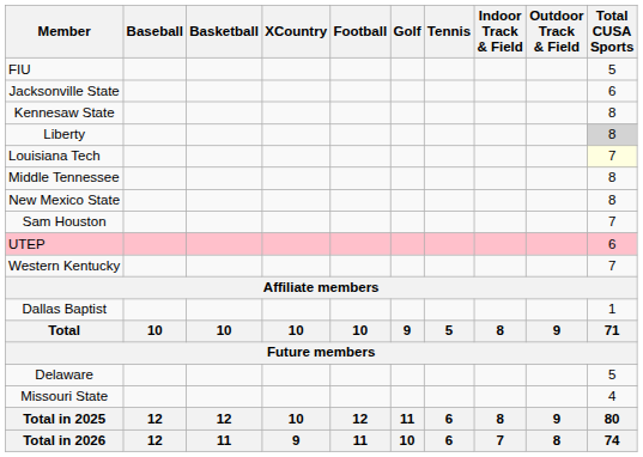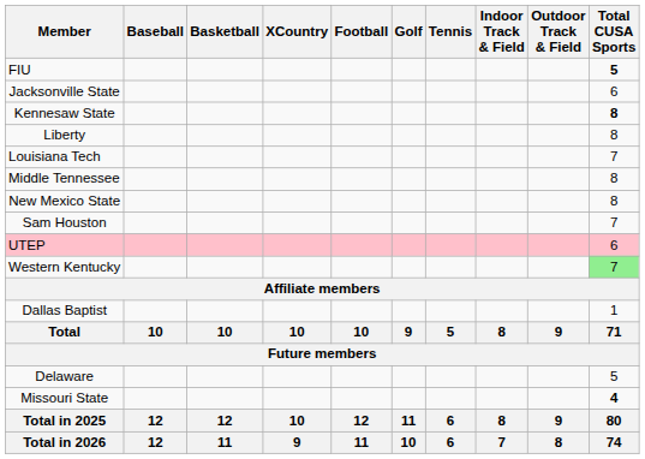 <table class="wikitable" style="text-align: center">
 <tr>
 <th>Member</th>
 <th>Baseball</th>
 <th>Basketball</th>
 <th>XCountry</th>
 <th>Football</th>
 <th>Golf</th>
 <th>Tennis</th>
 <th>Indoor<br>Track<br>& Field</th>
 <th>Outdoor<br>Track<br>& Field</th>
 <th>Total<br>CUSA<br>Sports</th>
 </tr>
 <tr>
 <td align=left>FIU</td>
 <td></td>
 <td></td>
 <td></td>
 <td></td>
 <td></td>
 <td></td>
 <td></td>
 <td></td>
-<td>5</td>
+<td><strong>5</strong></td>
 </tr>
 <tr>
 <td>Jacksonville State</td>
 <td></td>
 <td></td>
 <td></td>
 <td></td>
 <td></td>
 <td></td>
 <td></td>
 <td></td>
 <td>6</td>
 </tr>
 <tr>
 <td>Kennesaw State</td>
 <td></td>
 <td></td>
 <td></td>
 <td></td>
 <td></td>
 <td></td>
 <td></td>
 <td></td>
-<td>8</td>
+<td><strong>8</strong></td>
 </tr>
 <tr>
 <td>Liberty</td>
 <td></td>
 <td></td>
 <td></td>
 <td></td>
 <td></td>
 <td></td>
 <td></td>
 <td></td>
-<td style="background: lightgrey;">8</td>
+<td>8</td>
 </tr>
 <tr>
 <td align=left>Louisiana Tech</td>
 <td></td>
 <td></td>
 <td></td>
 <td></td>
 <td></td>
 <td></td>
 <td></td>
 <td></td>
-<td style="background: lightyellow;">7</td>
+<td>7</td>
 </tr>
 <tr>
 <td align=left>Middle Tennessee</td>
 <td></td>
 <td></td>
 <td></td>
 <td></td>
 <td></td>
 <td></td>
 <td></td>
 <td></td>
 <td>8</td>
 </tr>
 <tr>
 <td>New Mexico State</td>
 <td></td>
 <td></td>
 <td></td>
 <td></td>
 <td></td>
 <td></td>
 <td></td>
 <td></td>
 <td>8</td>
 </tr>
 <tr>
 <td>Sam Houston</td>
 <td></td>
 <td></td>
 <td></td>
 <td></td>
 <td></td>
 <td></td>
 <td></td>
 <td></td>
 <td>7</td>
 </tr>
 <tr bgcolor=pink>
 <td align=left>UTEP</td>
 <td></td>
 <td></td>
 <td></td>
 <td></td>
 <td></td>
 <td></td>
 <td></td>
 <td></td>
 <td>6</td>
 </tr>
 <tr>
 <td align=left>Western Kentucky</td>
 <td></td>
 <td></td>
 <td></td>
 <td></td>
 <td></td>
 <td></td>
 <td></td>
 <td></td>
-<td>7</td>
+<td style="background: lightgreen;">7</td>
 </tr>
 <tr>
 <th colspan=11>Affiliate members</th>
 </tr>
 <tr>
 <td>Dallas Baptist</td>
 <td></td>
 <td></td>
 <td></td>
 <td></td>
 <td></td>
 <td></td>
 <td></td>
 <td></td>
 <td>1</td>
 </tr>
 <tr>
 <th>Total</th>
 <th>10</th>
 <th>10</th>
 <th>10</th>
 <th>10</th>
 <th>9</th>
 <th>5</th>
 <th>8</th>
 <th>9</th>
 <th>71</th>
 </tr>
 <tr>
 <th colspan=11>Future members</th>
 </tr>
 <tr>
 <td>Delaware</td>
 <td></td>
 <td></td>
 <td></td>
 <td></td>
 <td></td>
 <td></td>
 <td></td>
 <td></td>
 <td>5</td>
 </tr>
 <tr>
 <td>Missouri State</td>
 <td></td>
 <td></td>
 <td></td>
 <td></td>
 <td></td>
 <td></td>
 <td></td>
 <td></td>
-<td>4</td>
+<td><strong>4</strong></td>
 </tr>
 <tr>
 <th>Total in 2025</th>
 <th>12</th>
 <th>12</th>
 <th>10</th>
 <th>12</th>
 <th>11</th>
 <th>6</th>
 <th>8</th>
 <th>9</th>
 <th>80</th>
 </tr>
 <tr>
 <th>Total in 2026</th>
 <th>12</th>
 <th>11</th>
 <th>9</th>
 <th>11</th>
 <th>10</th>
 <th>6</th>
 <th>7</th>
 <th>8</th>
 <th>74</th>
 </tr>
 </table>
